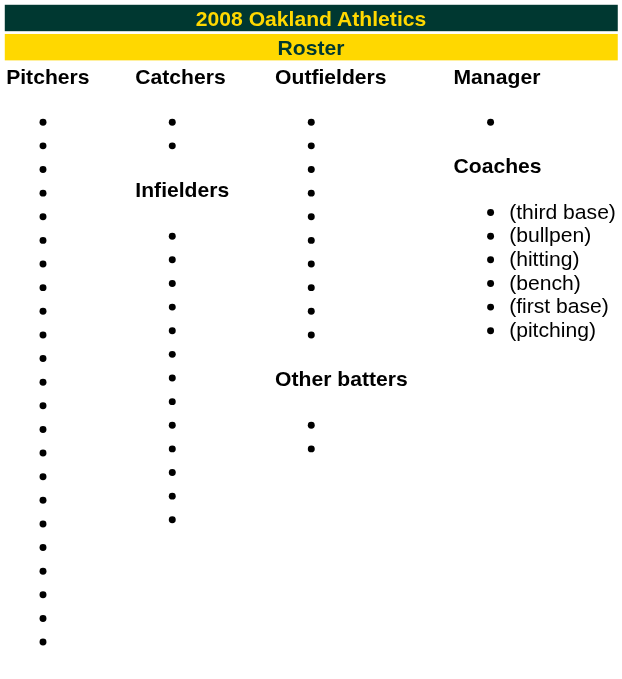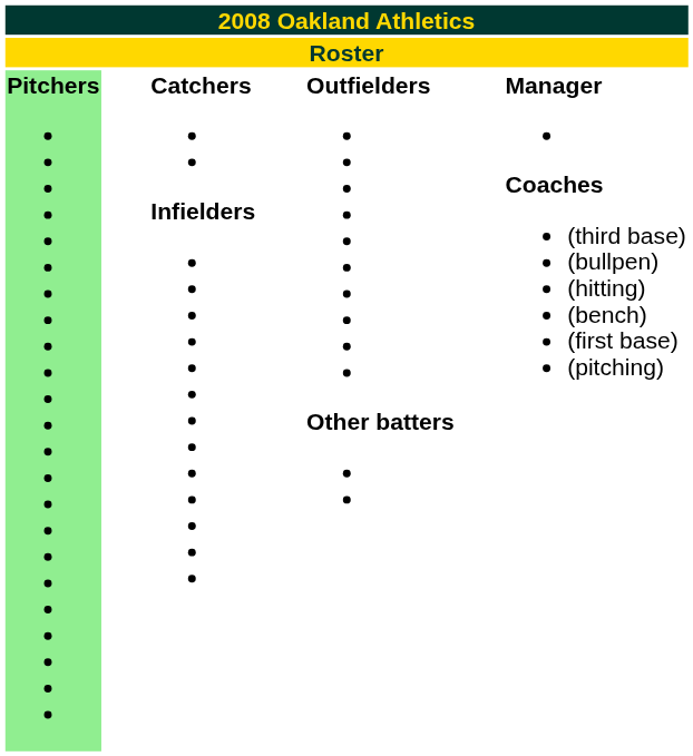 <table class="toccolours" style="font-size: 95%;">
 <tr>
 <th colspan="10" style="background-color: #003831; color: #FFD800; text-align: center;">2008 Oakland Athletics</th>
 </tr>
 <tr>
 <td colspan="10" style="background-color: #FFD800; color: #003831; text-align: center;"><strong>Roster</strong></td>
 </tr>
 <tr>
-<td valign="top"><strong>Pitchers</strong><br><ul><li></li><li></li><li></li><li></li><li></li><li></li><li></li><li></li><li></li><li></li><li></li><li></li><li></li><li></li><li></li><li></li><li></li><li></li><li></li><li></li><li></li><li></li><li></li></ul></td>
+<td valign="top" style="background: lightgreen;"><strong>Pitchers</strong><br><ul><li></li><li></li><li></li><li></li><li></li><li></li><li></li><li></li><li></li><li></li><li></li><li></li><li></li><li></li><li></li><li></li><li></li><li></li><li></li><li></li><li></li><li></li><li></li></ul></td>
 <td width="25px"></td>
 <td valign="top"><strong>Catchers</strong><br><ul><li></li><li></li></ul><strong>Infielders</strong><ul><li></li><li></li><li></li><li></li><li></li><li></li><li></li><li></li><li></li><li></li><li></li><li></li><li></li></ul></td>
 <td width="25px"></td>
 <td valign="top"><strong>Outfielders</strong><br><ul><li></li><li></li><li></li><li></li><li></li><li></li><li></li><li></li><li></li><li></li></ul><strong>Other batters</strong><ul><li></li><li></li></ul></td>
 <td width="25px"></td>
 <td valign="top"><strong>Manager</strong><br><ul><li></li></ul><strong>Coaches</strong><ul><li> (third base)</li><li> (bullpen)</li><li> (hitting)</li><li> (bench)</li><li> (first base)</li><li> (pitching)</li></ul></td>
 </tr>
 </table>
